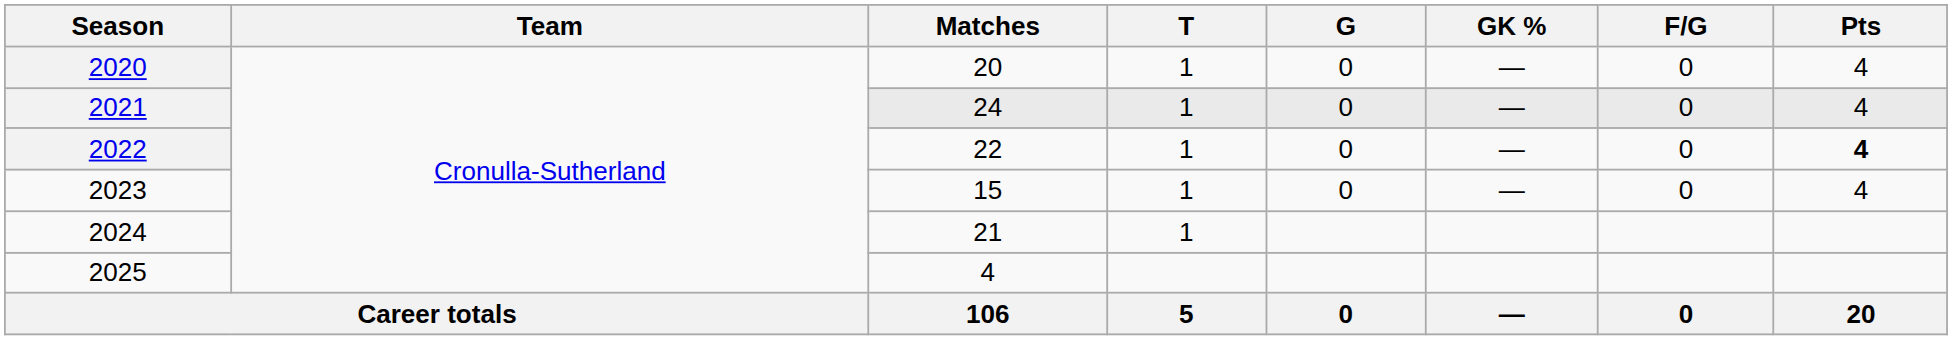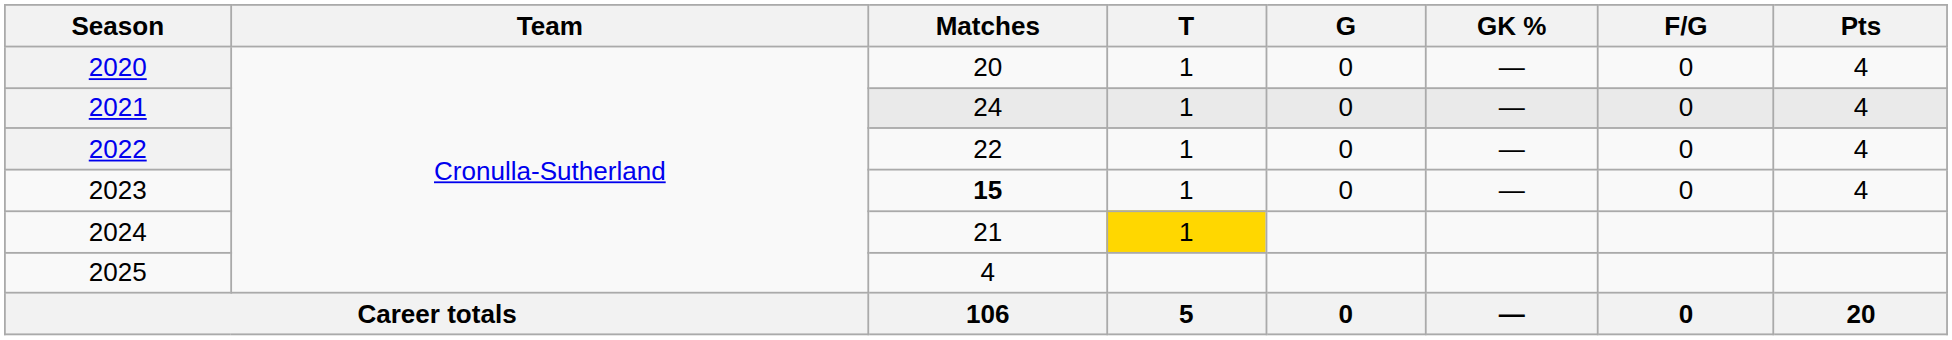 <table class="wikitable sortable"  style="font-size:90%; text-align:center; width:85%;">
 <tr>
 <th width=2%>Season</th>
 <th width=8%>Team</th>
 <th width=2%>Matches</th>
 <th width=2%>T</th>
 <th width=2%>G</th>
 <th width=2%>GK %</th>
 <th width=2%>F/G</th>
 <th width=2%>Pts</th>
 </tr>
 <tr>
 <th scope="row" style="text-align:center; font-weight:normal"><a href='#'>2020</a></th>
 <td rowspan="6" style="text-align:center;"> <a href='#'>Cronulla-Sutherland</a></td>
 <td>20</td>
 <td>1</td>
 <td>0</td>
 <td>—</td>
 <td>0</td>
 <td>4</td>
 </tr>
 <tr style="background:#eaeaea;">
 <th scope="row" style="text-align:center; font-weight:normal"><a href='#'>2021</a></th>
 <td>24</td>
 <td>1</td>
 <td>0</td>
 <td>—</td>
 <td>0</td>
 <td>4</td>
 </tr>
 <tr>
 <th scope="row" style="text-align:center; font-weight:normal"><a href='#'>2022</a></th>
 <td>22</td>
 <td>1</td>
 <td>0</td>
 <td>—</td>
 <td>0</td>
-<td><strong>4</strong></td>
+<td>4</td>
 </tr>
 <tr>
 <td>2023</td>
-<td>15</td>
+<td><strong>15</strong></td>
 <td>1</td>
 <td>0</td>
 <td>—</td>
 <td>0</td>
 <td>4</td>
 </tr>
 <tr>
 <td>2024</td>
 <td>21</td>
-<td>1</td>
+<td style="background: gold;">1</td>
 <td></td>
 <td></td>
 <td></td>
 <td></td>
 </tr>
 <tr>
 <td>2025</td>
 <td>4</td>
 <td></td>
 <td></td>
 <td></td>
 <td></td>
 <td></td>
 </tr>
 <tr class="sortbottom">
 <th colspan="2">Career totals</th>
 <th>106</th>
 <th>5</th>
 <th>0</th>
 <th>—</th>
 <th>0</th>
 <th>20</th>
 </tr>
 </table>
